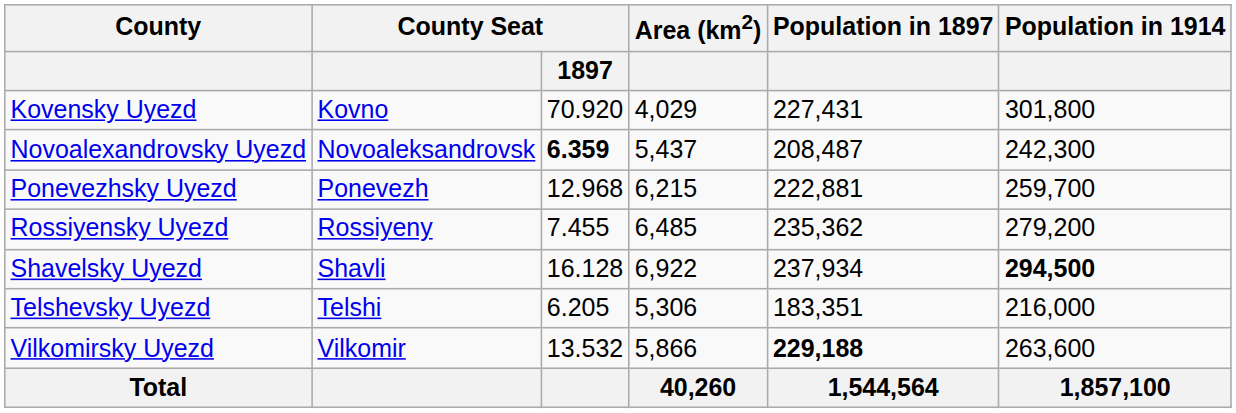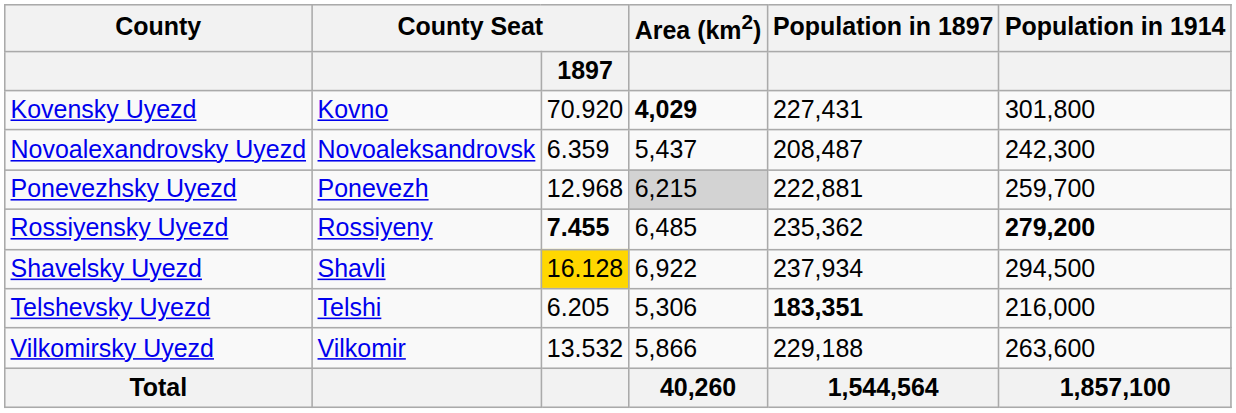 <table class=wikitable>
 <tr>
 <th>County</th>
 <th colspan="2">County Seat</th>
 <th>Area (km<sup>2</sup>)</th>
 <th>Population in 1897</th>
 <th>Population in 1914</th>
 </tr>
 <tr>
 <th></th>
 <th></th>
 <th>1897</th>
 <th></th>
 <th></th>
 <th></th>
 </tr>
 <tr>
 <td><a href='#'>Kovensky Uyezd</a></td>
 <td><a href='#'>Kovno</a></td>
 <td>70.920</td>
-<td>4,029</td>
+<td><strong>4,029</strong></td>
 <td>227,431</td>
 <td>301,800</td>
 </tr>
 <tr>
 <td><a href='#'>Novoalexandrovsky Uyezd</a></td>
 <td><a href='#'>Novoaleksandrovsk</a></td>
-<td><strong>6.359</strong></td>
+<td>6.359</td>
 <td>5,437</td>
 <td>208,487</td>
 <td>242,300</td>
 </tr>
 <tr>
 <td><a href='#'>Ponevezhsky Uyezd</a></td>
 <td><a href='#'>Ponevezh</a></td>
 <td>12.968</td>
-<td>6,215</td>
+<td style="background: lightgrey;">6,215</td>
 <td>222,881</td>
 <td>259,700</td>
 </tr>
 <tr>
 <td><a href='#'>Rossiyensky Uyezd</a></td>
 <td><a href='#'>Rossiyeny</a></td>
-<td>7.455</td>
+<td><strong>7.455</strong></td>
 <td>6,485</td>
 <td>235,362</td>
-<td>279,200</td>
+<td><strong>279,200</strong></td>
 </tr>
 <tr>
 <td><a href='#'>Shavelsky Uyezd</a></td>
 <td><a href='#'>Shavli</a></td>
-<td>16.128</td>
+<td style="background: gold;">16.128</td>
 <td>6,922</td>
 <td>237,934</td>
-<td><strong>294,500</strong></td>
+<td>294,500</td>
 </tr>
 <tr>
 <td><a href='#'>Telshevsky Uyezd</a></td>
 <td><a href='#'>Telshi</a></td>
 <td>6.205</td>
 <td>5,306</td>
-<td>183,351</td>
+<td><strong>183,351</strong></td>
 <td>216,000</td>
 </tr>
 <tr>
 <td><a href='#'>Vilkomirsky Uyezd</a></td>
 <td><a href='#'>Vilkomir</a></td>
 <td>13.532</td>
 <td>5,866</td>
-<td><strong>229,188</strong></td>
+<td>229,188</td>
 <td>263,600</td>
 </tr>
 <tr>
 <th>Total</th>
 <th></th>
 <th></th>
 <th>40,260</th>
 <th>1,544,564</th>
 <th>1,857,100</th>
 </tr>
 </table>
